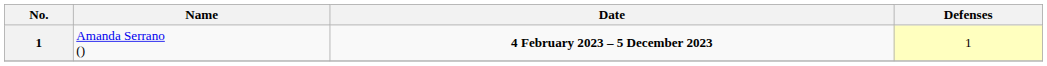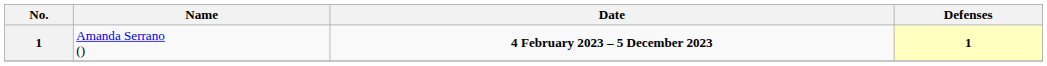 <table class="wikitable sortable" style="width:80%;">
 <tr>
 <th>No.</th>
 <th>Name</th>
 <th>Date</th>
 <th>Defenses</th>
 </tr>
 <tr>
 <th>1</th>
 <td align="left"><a href='#'>Amanda Serrano</a><br>()</td>
 <td align="center"><strong>4 February 2023 – 5 December 2023</strong></td>
-<td style="background:#ffffbf;" align="center">1</td>
+<td style="background:#ffffbf;" align="center"><strong>1</strong></td>
 </tr>
 <tr>
 </tr>
 </table>
